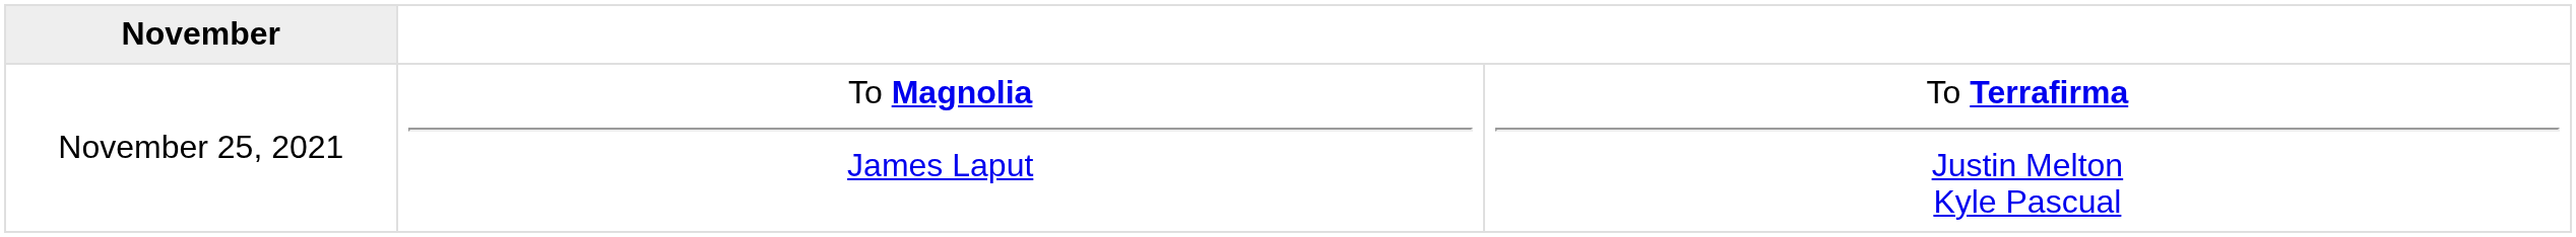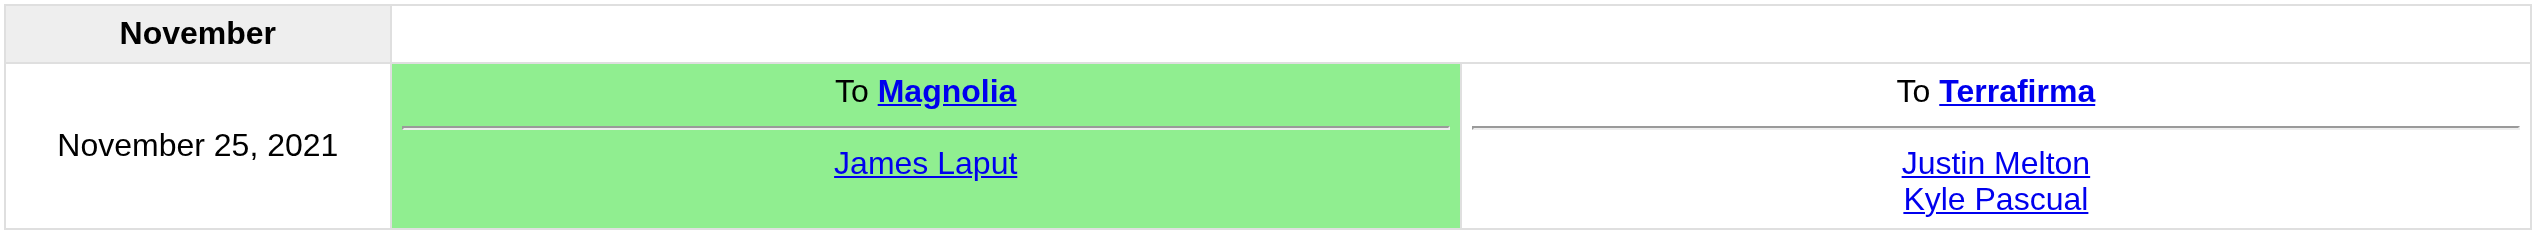 <table border=1 style="border-collapse:collapse; text-align: center; width: 100%" bordercolor="#DFDFDF"  cellpadding="5">
 <tr bgcolor="eeeeee">
 <th>November</th>
 </tr>
 <tr>
 <td style="width:12%">November 25, 2021</td>
-<td style="width:33.3%" valign="top">To <strong><a href='#'>Magnolia</a></strong><hr><a href='#'>James Laput</a></td>
+<td style="background: lightgreen; width:33.3%" valign="top">To <strong><a href='#'>Magnolia</a></strong><hr><a href='#'>James Laput</a></td>
 <td style="width:33.3%" valign="top">To <strong><a href='#'>Terrafirma</a></strong><hr><a href='#'>Justin Melton</a><br><a href='#'>Kyle Pascual</a></td>
 </tr>
 </table>
